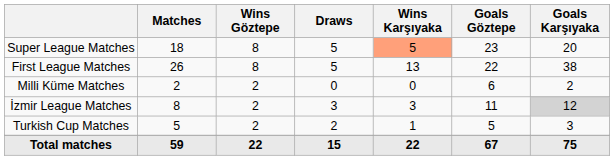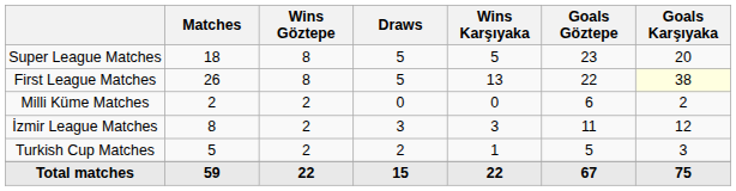 <table class="wikitable" style="text-align: center">
 <tr>
 <th></th>
 <th width="13%">Matches</th>
 <th width="13%">Wins<br>Göztepe</th>
 <th width="13%">Draws</th>
 <th width="13%">Wins<br>Karşıyaka</th>
 <th width="13%">Goals<br>Göztepe</th>
 <th width="13%">Goals<br>Karşıyaka</th>
 </tr>
 <tr>
 <td>Super League Matches</td>
 <td>18</td>
 <td>8</td>
 <td>5</td>
-<td style="background: lightsalmon;">5</td>
+<td>5</td>
 <td>23</td>
 <td>20</td>
 </tr>
 <tr>
 <td>First League Matches</td>
 <td>26</td>
 <td>8</td>
 <td>5</td>
 <td>13</td>
 <td>22</td>
-<td>38</td>
+<td style="background: lightyellow;">38</td>
 </tr>
 <tr>
 <td>Milli Küme Matches</td>
 <td>2</td>
 <td>2</td>
 <td>0</td>
 <td>0</td>
 <td>6</td>
 <td>2</td>
 </tr>
 <tr>
 <td>İzmir League Matches</td>
 <td>8</td>
 <td>2</td>
 <td>3</td>
 <td>3</td>
 <td>11</td>
-<td style="background: lightgrey;">12</td>
+<td>12</td>
 </tr>
 <tr>
 <td>Turkish Cup Matches</td>
 <td>5</td>
 <td>2</td>
 <td>2</td>
 <td>1</td>
 <td>5</td>
 <td>3</td>
 </tr>
 <tr>
 </tr>
 <tr bgcolor=E9E9E9>
 <td><strong>Total matches</strong></td>
 <td><strong>59</strong></td>
 <td><strong>22</strong></td>
 <td><strong>15</strong></td>
 <td><strong>22</strong></td>
 <td><strong>67</strong></td>
 <td><strong>75</strong></td>
 </tr>
 </table>
